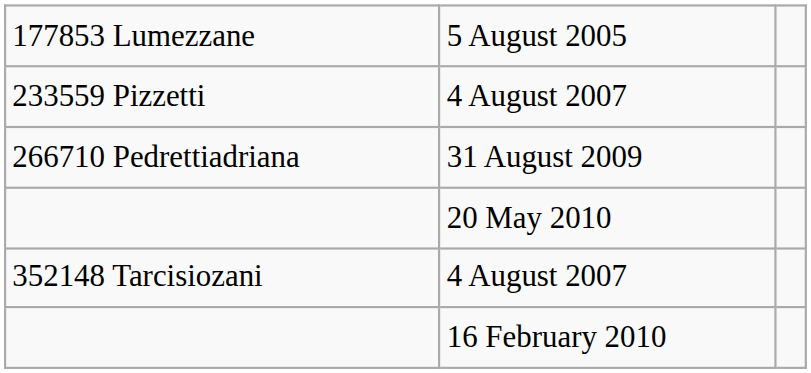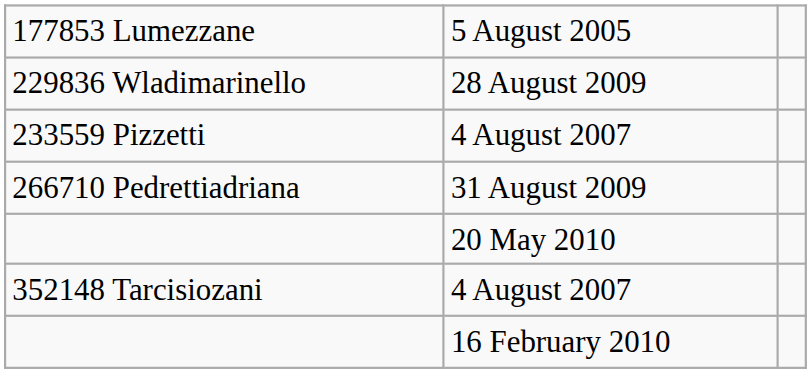 <table class="wikitable" style="font-size: 89%; float: left; width: 26em; margin-right: 1em; height: 168px;">
 <tr>
 <td>177853 Lumezzane</td>
 <td>5 August 2005</td>
+<td> </td>
+</tr>
+<tr>
+<td>229836 Wladimarinello</td>
+<td>28 August 2009</td>
 <td> </td>
 </tr>
 <tr>
 <td>233559 Pizzetti</td>
 <td>4 August 2007</td>
 <td> </td>
 </tr>
 <tr>
 <td>266710 Pedrettiadriana</td>
 <td>31 August 2009</td>
 <td></td>
 </tr>
 <tr>
 <td></td>
 <td>20 May 2010</td>
 <td></td>
 </tr>
 <tr>
 <td>352148 Tarcisiozani</td>
 <td>4 August 2007</td>
 <td> </td>
 </tr>
 <tr>
 <td></td>
 <td>16 February 2010</td>
 <td></td>
 </tr>
 </table>
